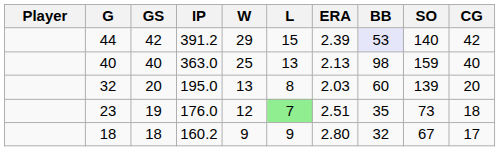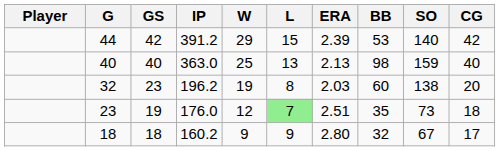 <table class="wikitable sortable">
 <tr>
 <th bgcolor="#DDDDFF" width="16%">Player</th>
 <th bgcolor="#DDDDFF" width="9%">G</th>
 <th bgcolor="#DDDDFF" width="9%">GS</th>
 <th bgcolor="#DDDDFF" width="9%">IP</th>
 <th bgcolor="#DDDDFF" width="9%">W</th>
 <th bgcolor="#DDDDFF" width="9%">L</th>
 <th bgcolor="#DDDDFF" width="9%">ERA</th>
 <th bgcolor="#DDDDFF" width="9%">BB</th>
 <th bgcolor="#DDDDFF" width="9%">SO</th>
 <th bgcolor="#DDDDFF" width="9%">CG</th>
 </tr>
 <tr align="center">
 <td></td>
 <td>44</td>
 <td>42</td>
 <td>391.2</td>
 <td>29</td>
 <td>15</td>
 <td>2.39</td>
-<td style="background: lavender;">53</td>
+<td>53</td>
 <td>140</td>
 <td>42</td>
 </tr>
 <tr align="center">
 <td></td>
 <td>40</td>
 <td>40</td>
 <td>363.0</td>
 <td>25</td>
 <td>13</td>
 <td>2.13</td>
 <td>98</td>
 <td>159</td>
 <td>40</td>
 </tr>
 <tr align="center">
 <td></td>
 <td>32</td>
-<td>20</td>
-<td>195.0</td>
-<td>13</td>
+<td>23</td>
+<td>196.2</td>
+<td>19</td>
 <td>8</td>
 <td>2.03</td>
 <td>60</td>
-<td>139</td>
+<td>138</td>
 <td>20</td>
 </tr>
 <tr align="center">
 <td></td>
 <td>23</td>
 <td>19</td>
 <td>176.0</td>
 <td>12</td>
 <td style="background: lightgreen;">7</td>
 <td>2.51</td>
 <td>35</td>
 <td>73</td>
 <td>18</td>
 </tr>
 <tr align="center">
 <td></td>
 <td>18</td>
 <td>18</td>
 <td>160.2</td>
 <td>9</td>
 <td>9</td>
 <td>2.80</td>
 <td>32</td>
 <td>67</td>
 <td>17</td>
 </tr>
 </table>
